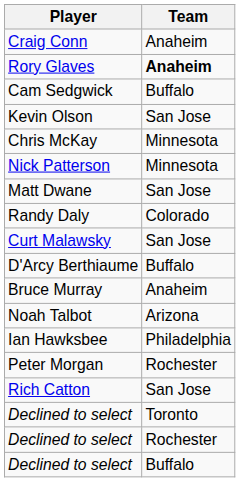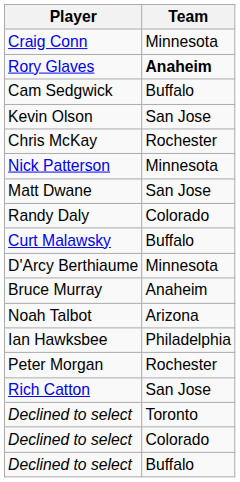 <table class="wikitable">
 <tr>
 <th>Player</th>
 <th>Team</th>
 </tr>
 <tr>
 <td><a href='#'>Craig Conn</a></td>
-<td>Anaheim</td>
+<td>Minnesota</td>
 </tr>
 <tr>
 <td><a href='#'>Rory Glaves</a></td>
 <td><strong>Anaheim</strong></td>
 </tr>
 <tr>
 <td>Cam Sedgwick</td>
 <td>Buffalo</td>
 </tr>
 <tr>
 <td>Kevin Olson</td>
 <td>San Jose</td>
 </tr>
 <tr>
 <td>Chris McKay</td>
-<td>Minnesota</td>
+<td>Rochester</td>
 </tr>
 <tr>
 <td><a href='#'>Nick Patterson</a></td>
 <td>Minnesota</td>
 </tr>
 <tr>
 <td>Matt Dwane</td>
 <td>San Jose</td>
 </tr>
 <tr>
 <td>Randy Daly</td>
 <td>Colorado</td>
 </tr>
 <tr>
 <td><a href='#'>Curt Malawsky</a></td>
-<td>San Jose</td>
+<td>Buffalo</td>
 </tr>
 <tr>
 <td>D'Arcy Berthiaume</td>
-<td>Buffalo</td>
+<td>Minnesota</td>
 </tr>
 <tr>
 <td>Bruce Murray</td>
 <td>Anaheim</td>
 </tr>
 <tr>
 <td>Noah Talbot</td>
 <td>Arizona</td>
 </tr>
 <tr>
 <td>Ian Hawksbee</td>
 <td>Philadelphia</td>
 </tr>
 <tr>
 <td>Peter Morgan</td>
 <td>Rochester</td>
 </tr>
 <tr>
 <td><a href='#'>Rich Catton</a></td>
 <td>San Jose</td>
 </tr>
 <tr>
 <td><em>Declined to select</em></td>
 <td>Toronto</td>
 </tr>
 <tr>
 <td><em>Declined to select</em></td>
-<td>Rochester</td>
+<td>Colorado</td>
 </tr>
 <tr>
 <td><em>Declined to select</em></td>
 <td>Buffalo</td>
 </tr>
 </table>
